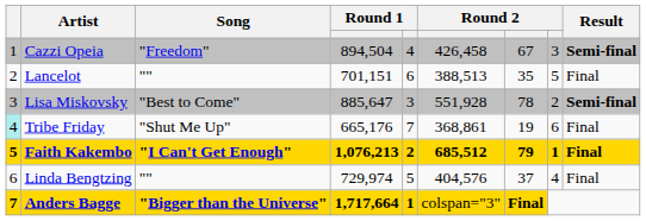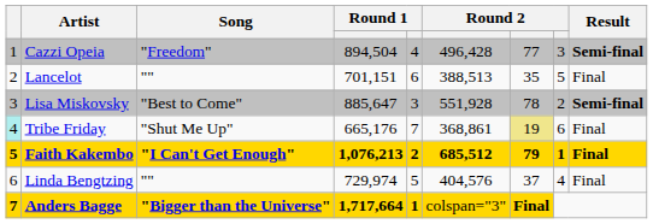 <table class="sortable wikitable" style="margin: 1em auto 1em auto; text-align:center;">
 <tr>
 <th rowspan="2"></th>
 <th rowspan="2">Artist</th>
 <th rowspan="2">Song</th>
 <th colspan="2">Round 1</th>
 <th colspan="3">Round 2</th>
 <th rowspan="2">Result</th>
 </tr>
 <tr>
 <th><small></small></th>
 <th><small></small></th>
 <th><small></small></th>
 <th><small></small></th>
 <th><small></small></th>
 </tr>
 <tr style="background:silver;">
 <td>1</td>
 <td align="left"><a href='#'>Cazzi Opeia</a></td>
 <td align="left">"<a href='#'>Freedom</a>"</td>
 <td>894,504</td>
 <td>4</td>
-<td>426,458</td>
-<td>67</td>
+<td>496,428</td>
+<td>77</td>
 <td>3</td>
 <td align="left"><strong>Semi-final</strong></td>
 </tr>
 <tr style="background:bronze;">
 <td>2</td>
 <td align="left"><a href='#'>Lancelot</a></td>
 <td align="left">""</td>
 <td>701,151</td>
 <td>6</td>
 <td>388,513</td>
 <td>35</td>
 <td>5</td>
 <td align="left">Final</td>
 </tr>
 <tr style="background:silver;">
 <td>3</td>
 <td align="left"><a href='#'>Lisa Miskovsky</a></td>
 <td align="left">"Best to Come"</td>
 <td>885,647</td>
 <td>3</td>
 <td>551,928</td>
 <td>78</td>
 <td>2</td>
 <td align="left"><strong>Semi-final</strong></td>
 </tr>
 <tr>
 <td style="background: paleturquoise;">4</td>
 <td align="left"><a href='#'>Tribe Friday</a></td>
 <td align="left">"Shut Me Up"</td>
 <td>665,176</td>
 <td>7</td>
 <td>368,861</td>
-<td>19</td>
+<td style="background: khaki;">19</td>
 <td>6</td>
 <td align="left">Final</td>
 </tr>
 <tr style="font-weight:bold;background:Gold;">
 <td>5</td>
 <td align="left"><a href='#'>Faith Kakembo</a></td>
 <td align="left">"<a href='#'>I Can't Get Enough</a>"</td>
 <td>1,076,213</td>
 <td>2</td>
 <td>685,512</td>
 <td>79</td>
 <td>1</td>
 <td align="left">Final</td>
 </tr>
 <tr>
 <td>6</td>
 <td align="left"><a href='#'>Linda Bengtzing</a></td>
 <td align="left">""</td>
 <td>729,974</td>
 <td>5</td>
 <td>404,576</td>
 <td>37</td>
 <td>4</td>
 <td align="left">Final</td>
 </tr>
 <tr style="background:gold;">
 <td><strong>7</strong></td>
 <td align="left"><strong><a href='#'>Anders Bagge</a></strong></td>
 <td align="left"><strong>"<a href='#'>Bigger than the Universe</a>"</strong></td>
 <td><strong>1,717,664</strong></td>
 <td><strong>1</strong></td>
 <td>colspan="3" </td>
 <td align="left"><strong>Final</strong></td>
 </tr>
 </table>
